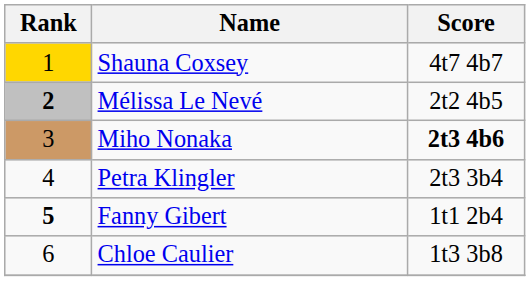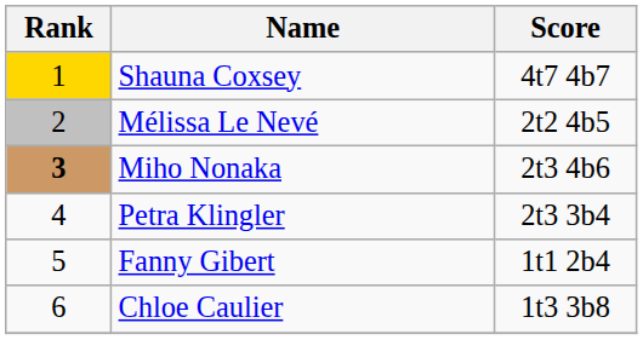 <table class="wikitable">
 <tr>
 <th width = "50">Rank</th>
 <th width = "200">Name</th>
 <th width = "70">Score</th>
 </tr>
 <tr>
 <td align="center" style="background: gold">1</td>
 <td> <a href='#'>Shauna Coxsey</a></td>
 <td align="center">4t7 4b7</td>
 </tr>
 <tr>
-<td align="center" style="background: silver"><strong>2</strong></td>
+<td align="center" style="background: silver">2</td>
 <td> <a href='#'>Mélissa Le Nevé</a></td>
 <td align="center">2t2 4b5</td>
 </tr>
 <tr>
-<td align="center" style="background: #cc9966">3</td>
+<td align="center" style="background: #cc9966"><strong>3</strong></td>
 <td> <a href='#'>Miho Nonaka</a></td>
-<td align="center"><strong>2t3 4b6</strong></td>
+<td align="center">2t3 4b6</td>
 </tr>
 <tr>
 <td align="center">4</td>
 <td> <a href='#'>Petra Klingler</a></td>
 <td align="center">2t3 3b4</td>
 </tr>
 <tr>
-<td align="center"><strong>5</strong></td>
+<td align="center">5</td>
 <td> <a href='#'>Fanny Gibert</a></td>
 <td align="center">1t1 2b4</td>
 </tr>
 <tr>
 <td align="center">6</td>
 <td> <a href='#'>Chloe Caulier</a></td>
 <td align="center">1t3 3b8</td>
 </tr>
 <tr>
 </tr>
 </table>
